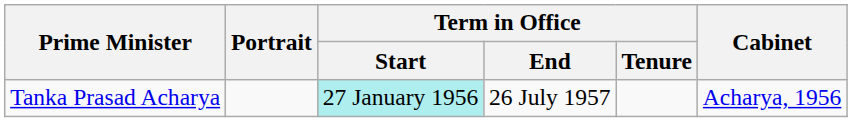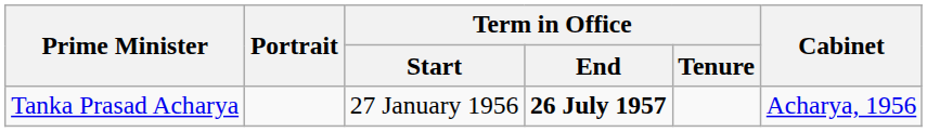 <table class="wikitable">
 <tr>
 <th rowspan="2">Prime Minister</th>
 <th rowspan="2">Portrait</th>
 <th colspan="3">Term in Office</th>
 <th rowspan="2">Cabinet</th>
 </tr>
 <tr>
 <th>Start</th>
 <th>End</th>
 <th>Tenure</th>
 </tr>
 <tr>
 <td><a href='#'>Tanka Prasad Acharya</a></td>
 <td></td>
-<td style="background: paleturquoise;">27 January 1956</td>
-<td>26 July 1957</td>
+<td>27 January 1956</td>
+<td><strong>26 July 1957</strong></td>
 <td></td>
 <td><a href='#'>Acharya, 1956</a></td>
 </tr>
 </table>
